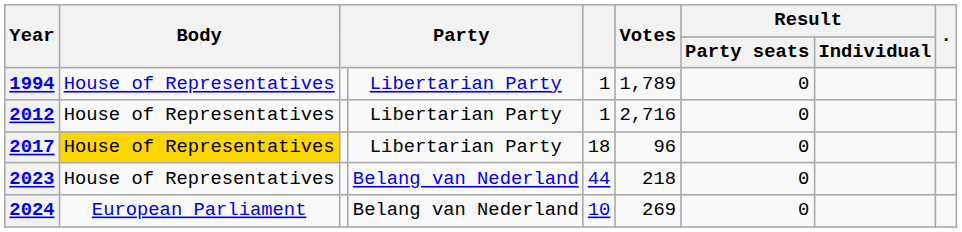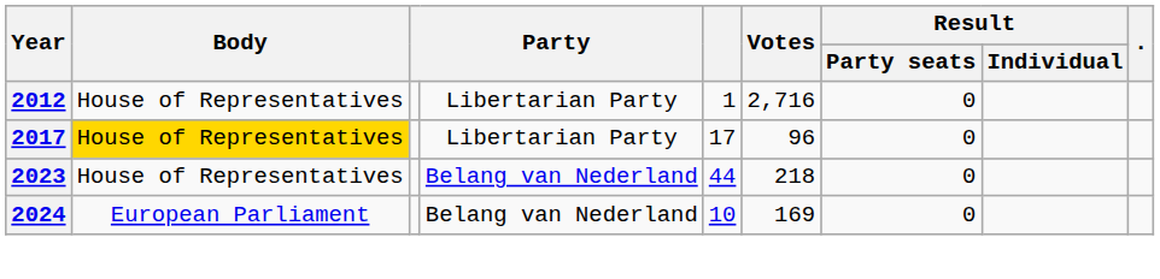 <table class="wikitable plainrowheaders sortable" border=2 cellpadding=4 cellspacing=0 style="border: 1px #aaa solid; font-size: 90%; text-align:center;">
 <tr>
 <th scope="col" rowspan=2>Year</th>
 <th scope="col" rowspan=2>Body</th>
 <th scope="col" colspan=2 rowspan=2>Party</th>
 <th scope="col" rowspan=2></th>
 <th scope="col" rowspan=2>Votes</th>
 <th scope="colgroup" colspan=2>Result</th>
 <th scope="col" rowspan=2 class="unsortable">.</th>
 </tr>
 <tr>
 <th scope="col">Party seats</th>
 <th scope="col">Individual</th>
-</tr>
-<tr>
-<th scope="row"><a href='#'>1994</a></th>
-<td><a href='#'>House of Representatives</a></td>
-<td style="background-color:"></td>
-<td><a href='#'>Libertarian Party</a></td>
-<td style=text-align:right>1</td>
-<td style=text-align:right>1,789</td>
-<td style=text-align:right>0</td>
-<td></td>
-<td></td>
 </tr>
 <tr>
 <th scope="row"><a href='#'>2012</a></th>
 <td>House of Representatives</td>
 <td style="background-color:"></td>
 <td>Libertarian Party</td>
 <td style=text-align:right>1</td>
 <td style=text-align:right>2,716</td>
 <td style=text-align:right>0</td>
 <td></td>
 <td></td>
 </tr>
 <tr>
 <th scope="row"><a href='#'>2017</a></th>
 <td style="background: gold;">House of Representatives</td>
 <td style="background-color:"></td>
 <td>Libertarian Party</td>
-<td style=text-align:right>18</td>
+<td style=text-align:right>17</td>
 <td style=text-align:right>96</td>
 <td style=text-align:right>0</td>
 <td></td>
 <td></td>
 </tr>
 <tr>
 <th scope="row"><a href='#'>2023</a></th>
 <td>House of Representatives</td>
 <td style="background-color:"></td>
 <td><a href='#'>Belang van Nederland</a></td>
 <td style=text-align:right><a href='#'>44</a></td>
 <td style=text-align:right>218</td>
 <td style=text-align:right>0</td>
 <td></td>
 <td></td>
 </tr>
 <tr>
 <th scope="row"><a href='#'>2024</a></th>
 <td><a href='#'>European Parliament</a></td>
 <td style="background-color:"></td>
 <td>Belang van Nederland</td>
 <td style=text-align:right><a href='#'>10</a></td>
-<td style=text-align:right>269</td>
+<td style=text-align:right>169</td>
 <td style=text-align:right>0</td>
 <td></td>
 <td></td>
 </tr>
 </table>
